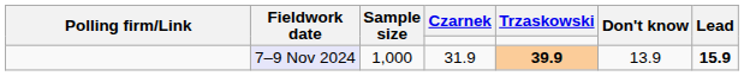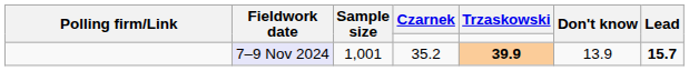 <table class="wikitable" style="text-align:center; font-size:85%; line-height:14px;">
 <tr>
 <th rowspan="2" style="width:200px;">Polling firm/Link</th>
 <th rowspan="2" data-sort-type="date">Fieldwork<br>date</th>
 <th rowspan="2" style="width:20px;">Sample<br>size</th>
 <th><a href='#'>Czarnek</a><br></th>
 <th><a href='#'>Trzaskowski</a><br></th>
 <th rowspan="2">Don't know</th>
 <th rowspan="2">Lead</th>
 </tr>
 <tr>
 <td style="background:"></td>
 <td style="background:"></td>
 </tr>
 <tr>
 <td></td>
 <td data-sort-value="2024-11-09" style="background: lavender;">7–9 Nov 2024</td>
-<td>1,000</td>
-<td>31.9</td>
+<td>1,001</td>
+<td>35.2</td>
 <td style="background:#fbcc99;"><strong>39.9</strong></td>
 <td>13.9</td>
-<td style="background:"><strong>15.9</strong></td>
+<td style="background:"><strong>15.7</strong></td>
 </tr>
 </table>
